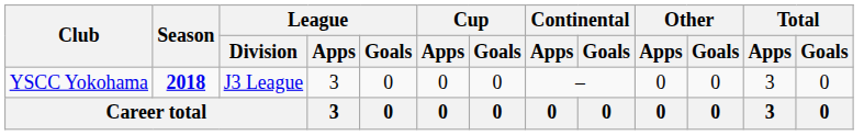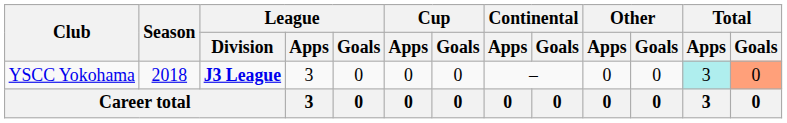 <table class="wikitable" style="text-align: center">
 <tr>
 <th rowspan="2">Club</th>
 <th rowspan="2">Season</th>
 <th colspan="3">League</th>
 <th colspan="2">Cup</th>
 <th colspan="2">Continental</th>
 <th colspan="2">Other</th>
 <th colspan="2">Total</th>
 </tr>
 <tr>
 <th>Division</th>
 <th>Apps</th>
 <th>Goals</th>
 <th>Apps</th>
 <th>Goals</th>
 <th>Apps</th>
 <th>Goals</th>
 <th>Apps</th>
 <th>Goals</th>
 <th>Apps</th>
 <th>Goals</th>
 </tr>
 <tr>
 <td><a href='#'>YSCC Yokohama</a></td>
-<td><strong><a href='#'>2018</a></strong></td>
-<td><a href='#'>J3 League</a></td>
+<td><a href='#'>2018</a></td>
+<td><strong><a href='#'>J3 League</a></strong></td>
 <td>3</td>
 <td>0</td>
 <td>0</td>
 <td>0</td>
 <td colspan="2">–</td>
 <td>0</td>
 <td>0</td>
-<td>3</td>
-<td>0</td>
+<td style="background: paleturquoise;">3</td>
+<td style="background: lightsalmon;">0</td>
 </tr>
 <tr>
 <th colspan=3>Career total</th>
 <th>3</th>
 <th>0</th>
 <th>0</th>
 <th>0</th>
 <th>0</th>
 <th>0</th>
 <th>0</th>
 <th>0</th>
 <th>3</th>
 <th>0</th>
 </tr>
 </table>
